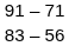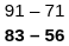 <table style="text-align:center">
 <tr>
 <th width=200></th>
 <th width=100></th>
 <th width=200></th>
 <th></th>
 </tr>
 <tr>
 <td align=right><strong></strong></td>
 <td>91 – 71</td>
 <td align=left></td>
 </tr>
 <tr>
 <td align=right><strong></strong></td>
-<td>83 – 56</td>
+<td><strong>83 – 56</strong></td>
 <td align=left></td>
 </tr>
 </table>
